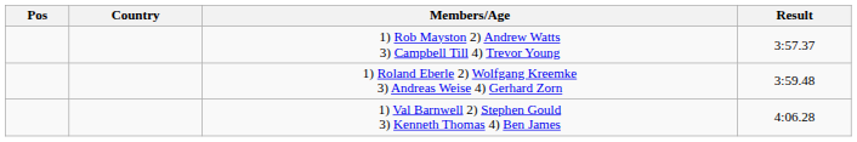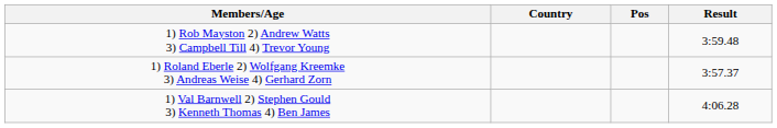 <table class="wikitable"  style="text-align:center; width:80%;">
 <tr>
+<th>Members/Age</th>
+<th>Country</th>
 <th>Pos</th>
-<th>Country</th>
-<th>Members/Age</th>
 <th>Result</th>
 </tr>
 <tr>
+<td>1) <a href='#'>Rob Mayston</a> 2) <a href='#'>Andrew Watts</a><br>3) <a href='#'>Campbell Till</a> 4) <a href='#'>Trevor Young</a></td>
+<td align=left></td>
 <td align=center></td>
+<td>3:59.48</td>
+</tr>
+<tr>
+<td>1) <a href='#'>Roland Eberle</a> 2) <a href='#'>Wolfgang Kreemke</a><br>3) <a href='#'>Andreas Weise</a> 4) <a href='#'>Gerhard Zorn</a></td>
 <td align=left></td>
-<td>1) <a href='#'>Rob Mayston</a> 2) <a href='#'>Andrew Watts</a><br>3) <a href='#'>Campbell Till</a> 4) <a href='#'>Trevor Young</a></td>
+<td align=center></td>
 <td>3:57.37</td>
 </tr>
 <tr>
+<td>1) <a href='#'>Val Barnwell</a> 2) <a href='#'>Stephen Gould</a><br>3) <a href='#'>Kenneth Thomas</a> 4) <a href='#'>Ben James</a></td>
+<td align=left></td>
 <td align=center></td>
-<td align=left></td>
-<td>1) <a href='#'>Roland Eberle</a> 2) <a href='#'>Wolfgang Kreemke</a><br>3) <a href='#'>Andreas Weise</a> 4) <a href='#'>Gerhard Zorn</a></td>
-<td>3:59.48</td>
-</tr>
-<tr>
-<td align=center></td>
-<td align=left></td>
-<td>1) <a href='#'>Val Barnwell</a> 2) <a href='#'>Stephen Gould</a><br>3) <a href='#'>Kenneth Thomas</a> 4) <a href='#'>Ben James</a></td>
 <td>4:06.28</td>
 </tr>
 </table>
